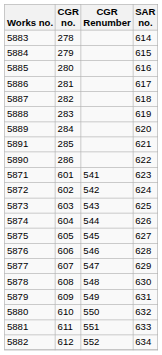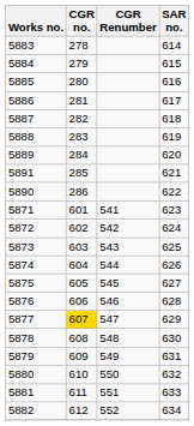 <table class="wikitable collapsible collapsed sortable" style="margin:0.5em auto; font-size:100%;">
 <tr>
 <th><br>Works no.</th>
 <th>CGR<br>no.</th>
 <th>CGR<br>Renumber</th>
 <th>SAR<br>no.</th>
 </tr>
 <tr>
 <td>5883</td>
 <td>278</td>
 <td></td>
 <td>614</td>
 </tr>
 <tr>
 <td>5884</td>
 <td>279</td>
 <td></td>
 <td>615</td>
 </tr>
 <tr>
 <td>5885</td>
 <td>280</td>
 <td></td>
 <td>616</td>
 </tr>
 <tr>
 <td>5886</td>
 <td>281</td>
 <td></td>
 <td>617</td>
 </tr>
 <tr>
 <td>5887</td>
 <td>282</td>
 <td></td>
 <td>618</td>
 </tr>
 <tr>
 <td>5888</td>
 <td>283</td>
 <td></td>
 <td>619</td>
 </tr>
 <tr>
 <td>5889</td>
 <td>284</td>
 <td></td>
 <td>620</td>
 </tr>
 <tr>
 <td>5891</td>
 <td>285</td>
 <td></td>
 <td>621</td>
 </tr>
 <tr>
 <td>5890</td>
 <td>286</td>
 <td></td>
 <td>622</td>
 </tr>
 <tr>
 <td>5871</td>
 <td>601</td>
 <td>541</td>
 <td>623</td>
 </tr>
 <tr>
 <td>5872</td>
 <td>602</td>
 <td>542</td>
 <td>624</td>
 </tr>
 <tr>
 <td>5873</td>
 <td>603</td>
 <td>543</td>
 <td>625</td>
 </tr>
 <tr>
 <td>5874</td>
 <td>604</td>
 <td>544</td>
 <td>626</td>
 </tr>
 <tr>
 <td>5875</td>
 <td>605</td>
 <td>545</td>
 <td>627</td>
 </tr>
 <tr>
 <td>5876</td>
 <td>606</td>
 <td>546</td>
 <td>628</td>
 </tr>
 <tr>
 <td>5877</td>
-<td>607</td>
+<td style="background: gold;">607</td>
 <td>547</td>
 <td>629</td>
 </tr>
 <tr>
 <td>5878</td>
 <td>608</td>
 <td>548</td>
 <td>630</td>
 </tr>
 <tr>
 <td>5879</td>
 <td>609</td>
 <td>549</td>
 <td>631</td>
 </tr>
 <tr>
 <td>5880</td>
 <td>610</td>
 <td>550</td>
 <td>632</td>
 </tr>
 <tr>
 <td>5881</td>
 <td>611</td>
 <td>551</td>
 <td>633</td>
 </tr>
 <tr>
 <td>5882</td>
 <td>612</td>
 <td>552</td>
 <td>634</td>
 </tr>
 <tr>
 </tr>
 </table>
